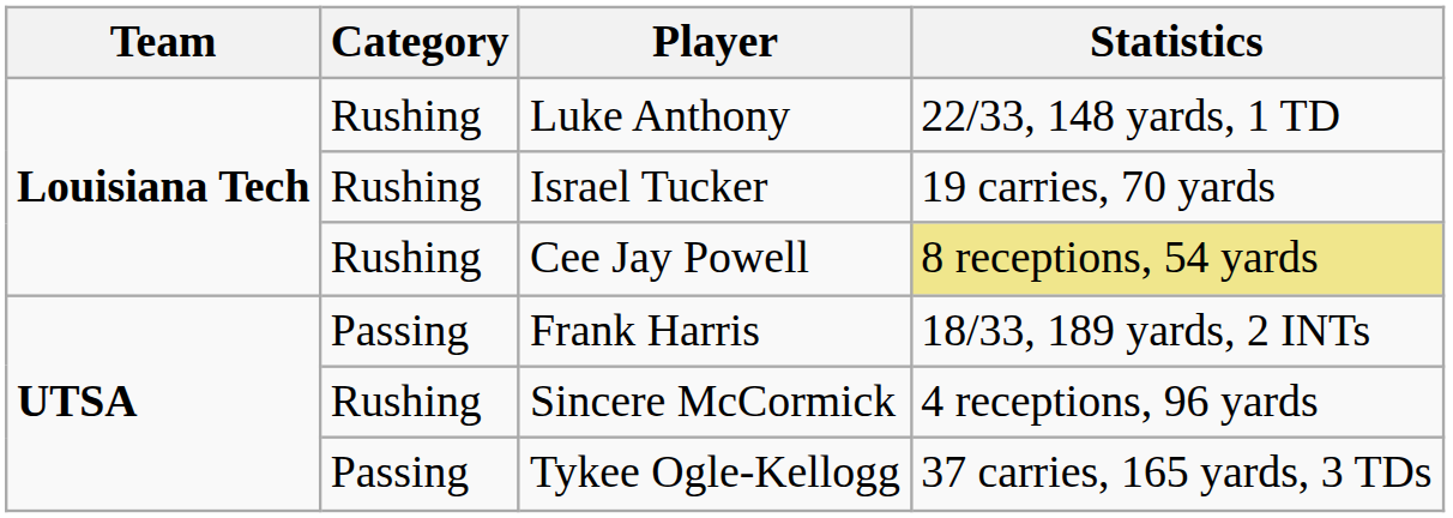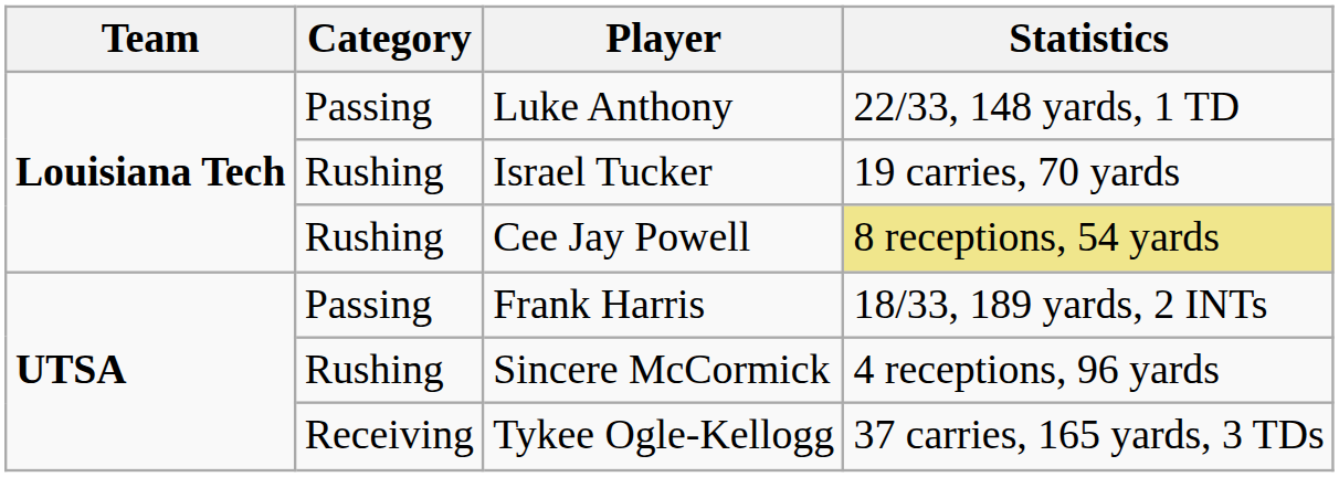 <table class="wikitable" style="float: left;">
 <tr>
 <th>Team</th>
 <th>Category</th>
 <th>Player</th>
 <th>Statistics</th>
 </tr>
 <tr>
 <td rowspan=3><strong>Louisiana Tech</strong></td>
-<td>Rushing</td>
+<td>Passing</td>
 <td>Luke Anthony</td>
 <td>22/33, 148 yards, 1 TD</td>
 </tr>
 <tr>
 <td>Rushing</td>
 <td>Israel Tucker</td>
 <td>19 carries, 70 yards</td>
 </tr>
 <tr>
 <td>Rushing</td>
 <td>Cee Jay Powell</td>
 <td style="background: khaki;">8 receptions, 54 yards</td>
 </tr>
 <tr>
 <td rowspan=3><strong>UTSA</strong></td>
 <td>Passing</td>
 <td>Frank Harris</td>
 <td>18/33, 189 yards, 2 INTs</td>
 </tr>
 <tr>
 <td>Rushing</td>
 <td>Sincere McCormick</td>
 <td>4 receptions, 96 yards</td>
 </tr>
 <tr>
-<td>Passing</td>
+<td>Receiving</td>
 <td>Tykee Ogle-Kellogg</td>
 <td>37 carries, 165 yards, 3 TDs</td>
 </tr>
 </table>
